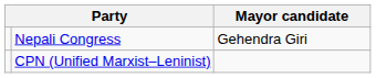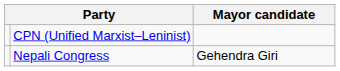 <table class="wikitable">
 <tr>
 <th colspan="2">Party</th>
 <th style="width: 125pt;">Mayor candidate</th>
 </tr>
 <tr>
 <td style="background-color:"></td>
+<td><a href='#'>CPN (Unified Marxist–Leninist)</a></td>
+<td></td>
+</tr>
+<tr>
+<td style="background-color:"></td>
 <td><a href='#'>Nepali Congress</a></td>
 <td>Gehendra Giri</td>
 </tr>
-<tr>
-<td style="background-color:"></td>
-<td><a href='#'>CPN (Unified Marxist–Leninist)</a></td>
-<td></td>
-</tr>
 </table>
